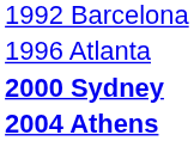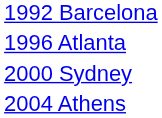 <table>
 <tr>
 <td><a href='#'>1992 Barcelona</a><br></td>
 <td></td>
 <td></td>
 <td></td>
 </tr>
 <tr>
 <td><a href='#'>1996 Atlanta</a><br></td>
 <td></td>
 <td></td>
 <td></td>
 </tr>
 <tr>
-<td><strong><a href='#'>2000 Sydney</a><br></strong></td>
+<td><a href='#'>2000 Sydney</a><br></td>
 <td></td>
 <td></td>
 <td></td>
 </tr>
 <tr>
-<td><strong><a href='#'>2004 Athens</a><br></strong></td>
+<td><a href='#'>2004 Athens</a><br></td>
 <td></td>
 <td></td>
 <td></td>
 </tr>
 </table>
